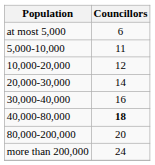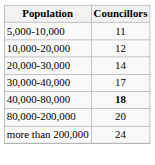 <table class="wikitable" style="float:right; margin-left:3px; text-size:80%; text-align:left">
 <tr>
 <th scope"col">Population</th>
 <th scope"col">Councillors</th>
-</tr>
-<tr>
-<td>at most 5,000</td>
-<td align=center>6</td>
 </tr>
 <tr>
 <td>5,000-10,000</td>
 <td align=center>11</td>
 </tr>
 <tr>
 <td>10,000-20,000</td>
 <td align=center>12</td>
 </tr>
 <tr>
 <td>20,000-30,000</td>
 <td align=center>14</td>
 </tr>
 <tr>
 <td>30,000-40,000</td>
-<td align=center>16</td>
+<td align=center>17</td>
 </tr>
 <tr>
 <td>40,000-80,000</td>
 <td align=center><strong>18</strong></td>
 </tr>
 <tr>
 <td>80,000-200,000</td>
 <td align=center>20</td>
 </tr>
 <tr>
 <td>more than 200,000</td>
 <td align=center>24</td>
 </tr>
 <tr>
 </tr>
 </table>
